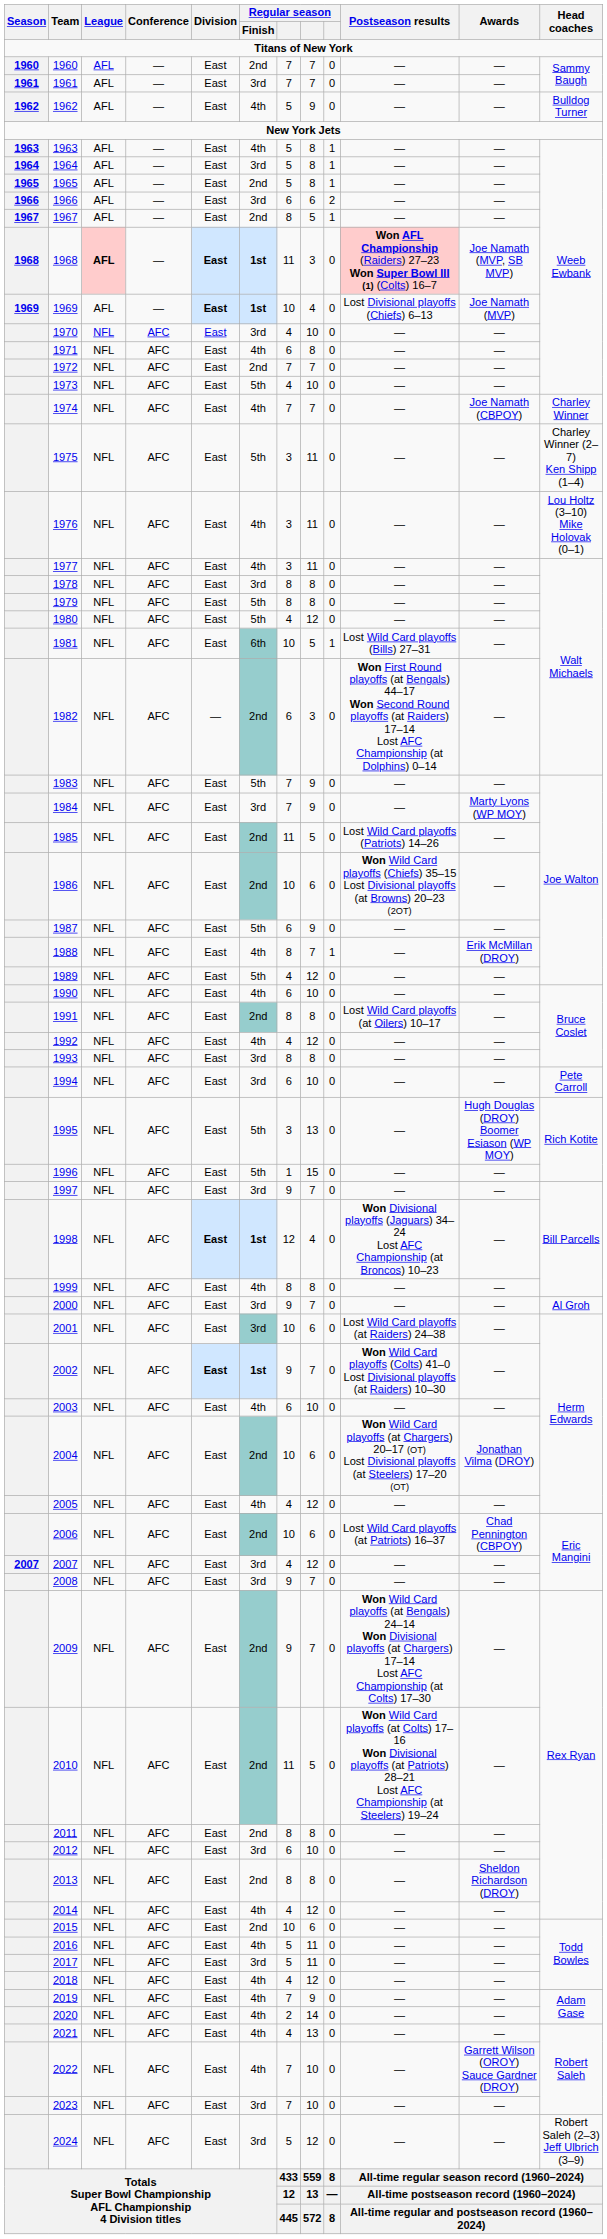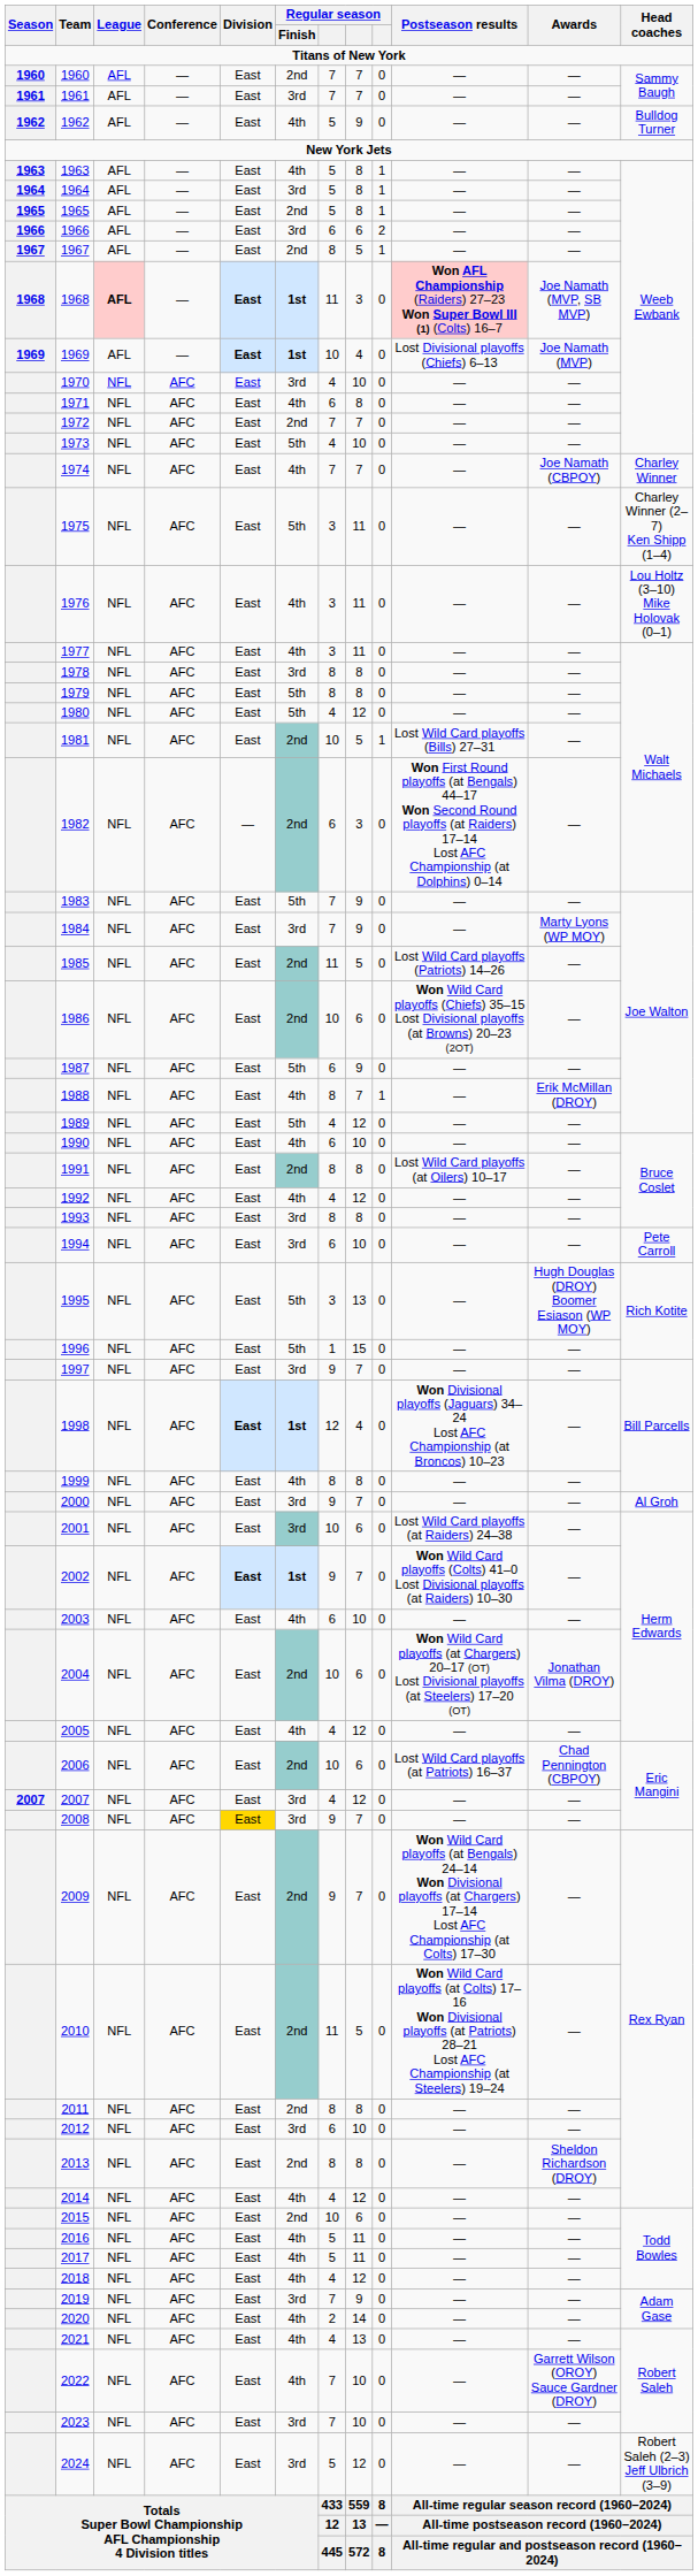 <table class="wikitable sortable" style="text-align:center">
 <tr>
 <th rowspan="2"><a href='#'>Season</a></th>
 <th rowspan="2">Team</th>
 <th rowspan="2"><a href='#'>League</a></th>
 <th rowspan="2">Conference</th>
 <th rowspan="2">Division</th>
 <th colspan="4"><a href='#'>Regular season</a></th>
 <th rowspan="2" class="unsortable"><a href='#'>Postseason</a> results</th>
 <th rowspan="2" class="unsortable">Awards</th>
 <th rowspan="2" class="unsortable">Head coaches</th>
 </tr>
 <tr>
 <th>Finish</th>
 <th></th>
 <th></th>
 <th width=2.5%></th>
 </tr>
 <tr>
 <td colspan="12"><strong>Titans of New York</strong></td>
 </tr>
 <tr>
 <th><a href='#'>1960</a></th>
 <td><a href='#'>1960</a></td>
 <td><a href='#'>AFL</a></td>
 <td>—</td>
 <td>East</td>
 <td>2nd</td>
 <td>7</td>
 <td>7</td>
 <td>0</td>
 <td>—</td>
 <td>—</td>
 <td rowspan="2"><a href='#'>Sammy Baugh</a></td>
 </tr>
 <tr>
 <th><a href='#'>1961</a></th>
 <td><a href='#'>1961</a></td>
 <td>AFL</td>
 <td>—</td>
 <td>East</td>
 <td>3rd</td>
 <td>7</td>
 <td>7</td>
 <td>0</td>
 <td>—</td>
 <td>—</td>
 </tr>
 <tr>
 <th><a href='#'>1962</a></th>
 <td><a href='#'>1962</a></td>
 <td>AFL</td>
 <td>—</td>
 <td>East</td>
 <td>4th</td>
 <td>5</td>
 <td>9</td>
 <td>0</td>
 <td>—</td>
 <td>—</td>
 <td><a href='#'>Bulldog Turner</a></td>
 </tr>
 <tr>
 <td colspan="12"><strong>New York Jets</strong></td>
 </tr>
 <tr>
 <th><a href='#'>1963</a></th>
 <td><a href='#'>1963</a></td>
 <td>AFL</td>
 <td>—</td>
 <td>East</td>
 <td>4th</td>
 <td>5</td>
 <td>8</td>
 <td>1</td>
 <td>—</td>
 <td>—</td>
 <td rowspan="11"><a href='#'>Weeb Ewbank</a></td>
 </tr>
 <tr>
 <th><a href='#'>1964</a></th>
 <td><a href='#'>1964</a></td>
 <td>AFL</td>
 <td>—</td>
 <td>East</td>
 <td>3rd</td>
 <td>5</td>
 <td>8</td>
 <td>1</td>
 <td>—</td>
 <td>—</td>
 </tr>
 <tr>
 <th><a href='#'>1965</a></th>
 <td><a href='#'>1965</a></td>
 <td>AFL</td>
 <td>—</td>
 <td>East</td>
 <td>2nd</td>
 <td>5</td>
 <td>8</td>
 <td>1</td>
 <td>—</td>
 <td>—</td>
 </tr>
 <tr>
 <th><a href='#'>1966</a></th>
 <td><a href='#'>1966</a></td>
 <td>AFL</td>
 <td>—</td>
 <td>East</td>
 <td>3rd</td>
 <td>6</td>
 <td>6</td>
 <td>2</td>
 <td>—</td>
 <td>—</td>
 </tr>
 <tr>
 <th><a href='#'>1967</a></th>
 <td><a href='#'>1967</a></td>
 <td>AFL</td>
 <td>—</td>
 <td>East</td>
 <td>2nd</td>
 <td>8</td>
 <td>5</td>
 <td>1</td>
 <td>—</td>
 <td>—</td>
 </tr>
 <tr>
 <th><a href='#'>1968</a></th>
 <td><a href='#'>1968</a></td>
 <td style="background:#FFCCCC"><strong>AFL</strong></td>
 <td>—</td>
 <td style="background:#D0E7FF"><strong>East</strong></td>
 <td style="background:#D0E7FF"><strong>1st</strong></td>
 <td>11</td>
 <td>3</td>
 <td>0</td>
 <td style="background:#FFCCCC"><strong>Won <a href='#'>AFL Championship</a></strong> (<a href='#'>Raiders</a>) 27–23<br><strong>Won <a href='#'>Super Bowl III</a> <small>(1)</small></strong> (<a href='#'>Colts</a>) 16–7</td>
 <td><a href='#'>Joe Namath</a> (<a href='#'>MVP</a>, <a href='#'>SB MVP</a>)</td>
 </tr>
 <tr>
 <th><a href='#'>1969</a></th>
 <td><a href='#'>1969</a></td>
 <td>AFL</td>
 <td>—</td>
 <td style="background:#D0E7FF"><strong>East</strong></td>
 <td style="background:#D0E7FF"><strong>1st</strong></td>
 <td>10</td>
 <td>4</td>
 <td>0</td>
 <td>Lost <a href='#'>Divisional playoffs</a> (<a href='#'>Chiefs</a>) 6–13</td>
 <td><a href='#'>Joe Namath</a> (<a href='#'>MVP</a>)</td>
 </tr>
 <tr>
 <th></th>
 <td><a href='#'>1970</a></td>
 <td><a href='#'>NFL</a></td>
 <td><a href='#'>AFC</a></td>
 <td><a href='#'>East</a></td>
 <td>3rd</td>
 <td>4</td>
 <td>10</td>
 <td>0</td>
 <td>—</td>
 <td>—</td>
 </tr>
 <tr>
 <th></th>
 <td><a href='#'>1971</a></td>
 <td>NFL</td>
 <td>AFC</td>
 <td>East</td>
 <td>4th</td>
 <td>6</td>
 <td>8</td>
 <td>0</td>
 <td>—</td>
 <td>—</td>
 </tr>
 <tr>
 <th></th>
 <td><a href='#'>1972</a></td>
 <td>NFL</td>
 <td>AFC</td>
 <td>East</td>
 <td>2nd</td>
 <td>7</td>
 <td>7</td>
 <td>0</td>
 <td>—</td>
 <td>—</td>
 </tr>
 <tr>
 <th></th>
 <td><a href='#'>1973</a></td>
 <td>NFL</td>
 <td>AFC</td>
 <td>East</td>
 <td>5th</td>
 <td>4</td>
 <td>10</td>
 <td>0</td>
 <td>—</td>
 <td>—</td>
 </tr>
 <tr>
 <th></th>
 <td><a href='#'>1974</a></td>
 <td>NFL</td>
 <td>AFC</td>
 <td>East</td>
 <td>4th</td>
 <td>7</td>
 <td>7</td>
 <td>0</td>
 <td>—</td>
 <td><a href='#'>Joe Namath</a> (<a href='#'>CBPOY</a>)</td>
 <td><a href='#'>Charley Winner</a></td>
 </tr>
 <tr>
 <th></th>
 <td><a href='#'>1975</a></td>
 <td>NFL</td>
 <td>AFC</td>
 <td>East</td>
 <td>5th</td>
 <td>3</td>
 <td>11</td>
 <td>0</td>
 <td>—</td>
 <td>—</td>
 <td>Charley Winner (2–7)<br><a href='#'>Ken Shipp</a> (1–4)</td>
 </tr>
 <tr>
 <th></th>
 <td><a href='#'>1976</a></td>
 <td>NFL</td>
 <td>AFC</td>
 <td>East</td>
 <td>4th</td>
 <td>3</td>
 <td>11</td>
 <td>0</td>
 <td>—</td>
 <td>—</td>
 <td><a href='#'>Lou Holtz</a> (3–10)<br><a href='#'>Mike Holovak</a> (0–1)</td>
 </tr>
 <tr>
 <th></th>
 <td><a href='#'>1977</a></td>
 <td>NFL</td>
 <td>AFC</td>
 <td>East</td>
 <td>4th</td>
 <td>3</td>
 <td>11</td>
 <td>0</td>
 <td>—</td>
 <td>—</td>
 <td rowspan="6"><a href='#'>Walt Michaels</a></td>
 </tr>
 <tr>
 <th></th>
 <td><a href='#'>1978</a></td>
 <td>NFL</td>
 <td>AFC</td>
 <td>East</td>
 <td>3rd</td>
 <td>8</td>
 <td>8</td>
 <td>0</td>
 <td>—</td>
 <td>—</td>
 </tr>
 <tr>
 <th></th>
 <td><a href='#'>1979</a></td>
 <td>NFL</td>
 <td>AFC</td>
 <td>East</td>
 <td>5th</td>
 <td>8</td>
 <td>8</td>
 <td>0</td>
 <td>—</td>
 <td>—</td>
 </tr>
 <tr>
 <th></th>
 <td><a href='#'>1980</a></td>
 <td>NFL</td>
 <td>AFC</td>
 <td>East</td>
 <td>5th</td>
 <td>4</td>
 <td>12</td>
 <td>0</td>
 <td>—</td>
 <td>—</td>
 </tr>
 <tr>
 <th></th>
 <td><a href='#'>1981</a></td>
 <td>NFL</td>
 <td>AFC</td>
 <td>East</td>
-<td bgcolor="#96CDCD">6th</td>
+<td bgcolor="#96CDCD">2nd</td>
 <td>10</td>
 <td>5</td>
 <td>1</td>
 <td>Lost <a href='#'>Wild Card playoffs</a> (<a href='#'>Bills</a>) 27–31</td>
 <td>—</td>
 </tr>
 <tr>
 <th></th>
 <td><a href='#'>1982</a></td>
 <td>NFL</td>
 <td>AFC</td>
 <td>—</td>
 <td bgcolor="#96CDCD">2nd</td>
 <td>6</td>
 <td>3</td>
 <td>0</td>
 <td><strong>Won</strong> <a href='#'>First Round playoffs</a> (at <a href='#'>Bengals</a>) 44–17<br><strong>Won</strong> <a href='#'>Second Round playoffs</a> (at <a href='#'>Raiders</a>) 17–14<br>Lost <a href='#'>AFC Championship</a> (at <a href='#'>Dolphins</a>) 0–14</td>
 <td>—</td>
 </tr>
 <tr>
 <th></th>
 <td><a href='#'>1983</a></td>
 <td>NFL</td>
 <td>AFC</td>
 <td>East</td>
 <td>5th</td>
 <td>7</td>
 <td>9</td>
 <td>0</td>
 <td>—</td>
 <td>—</td>
 <td rowspan="7"><a href='#'>Joe Walton</a></td>
 </tr>
 <tr>
 <th></th>
 <td><a href='#'>1984</a></td>
 <td>NFL</td>
 <td>AFC</td>
 <td>East</td>
 <td>3rd</td>
 <td>7</td>
 <td>9</td>
 <td>0</td>
 <td>—</td>
 <td><a href='#'>Marty Lyons</a> (<a href='#'>WP MOY</a>)</td>
 </tr>
 <tr>
 <th></th>
 <td><a href='#'>1985</a></td>
 <td>NFL</td>
 <td>AFC</td>
 <td>East</td>
 <td bgcolor="#96CDCD">2nd</td>
 <td>11</td>
 <td>5</td>
 <td>0</td>
 <td>Lost <a href='#'>Wild Card playoffs</a> (<a href='#'>Patriots</a>) 14–26</td>
 <td>—</td>
 </tr>
 <tr>
 <th></th>
 <td><a href='#'>1986</a></td>
 <td>NFL</td>
 <td>AFC</td>
 <td>East</td>
 <td bgcolor="#96CDCD">2nd</td>
 <td>10</td>
 <td>6</td>
 <td>0</td>
 <td><strong>Won</strong> <a href='#'>Wild Card playoffs</a> (<a href='#'>Chiefs</a>) 35–15<br>Lost <a href='#'>Divisional playoffs</a> (at <a href='#'>Browns</a>) 20–23 <small>(2OT)</small></td>
 <td>—</td>
 </tr>
 <tr>
 <th></th>
 <td><a href='#'>1987</a></td>
 <td>NFL</td>
 <td>AFC</td>
 <td>East</td>
 <td>5th</td>
 <td>6</td>
 <td>9</td>
 <td>0</td>
 <td>—</td>
 <td>—</td>
 </tr>
 <tr>
 <th></th>
 <td><a href='#'>1988</a></td>
 <td>NFL</td>
 <td>AFC</td>
 <td>East</td>
 <td>4th</td>
 <td>8</td>
 <td>7</td>
 <td>1</td>
 <td>—</td>
 <td><a href='#'>Erik McMillan</a> (<a href='#'>DROY</a>)</td>
 </tr>
 <tr>
 <th></th>
 <td><a href='#'>1989</a></td>
 <td>NFL</td>
 <td>AFC</td>
 <td>East</td>
 <td>5th</td>
 <td>4</td>
 <td>12</td>
 <td>0</td>
 <td>—</td>
 <td>—</td>
 </tr>
 <tr>
 <th></th>
 <td><a href='#'>1990</a></td>
 <td>NFL</td>
 <td>AFC</td>
 <td>East</td>
 <td>4th</td>
 <td>6</td>
 <td>10</td>
 <td>0</td>
 <td>—</td>
 <td>—</td>
 <td rowspan="4"><a href='#'>Bruce Coslet</a></td>
 </tr>
 <tr>
 <th></th>
 <td><a href='#'>1991</a></td>
 <td>NFL</td>
 <td>AFC</td>
 <td>East</td>
 <td bgcolor="#96CDCD">2nd</td>
 <td>8</td>
 <td>8</td>
 <td>0</td>
 <td>Lost <a href='#'>Wild Card playoffs</a> (at <a href='#'>Oilers</a>) 10–17</td>
 <td>—</td>
 </tr>
 <tr>
 <th></th>
 <td><a href='#'>1992</a></td>
 <td>NFL</td>
 <td>AFC</td>
 <td>East</td>
 <td>4th</td>
 <td>4</td>
 <td>12</td>
 <td>0</td>
 <td>—</td>
 <td>—</td>
 </tr>
 <tr>
 <th></th>
 <td><a href='#'>1993</a></td>
 <td>NFL</td>
 <td>AFC</td>
 <td>East</td>
 <td>3rd</td>
 <td>8</td>
 <td>8</td>
 <td>0</td>
 <td>—</td>
 <td>—</td>
 </tr>
 <tr>
 <th></th>
 <td><a href='#'>1994</a></td>
 <td>NFL</td>
 <td>AFC</td>
 <td>East</td>
 <td>3rd</td>
 <td>6</td>
 <td>10</td>
 <td>0</td>
 <td>—</td>
 <td>—</td>
 <td><a href='#'>Pete Carroll</a></td>
 </tr>
 <tr>
 <th></th>
 <td><a href='#'>1995</a></td>
 <td>NFL</td>
 <td>AFC</td>
 <td>East</td>
 <td>5th</td>
 <td>3</td>
 <td>13</td>
 <td>0</td>
 <td>—</td>
 <td><a href='#'>Hugh Douglas</a> (<a href='#'>DROY</a>)<br><a href='#'>Boomer Esiason</a> (<a href='#'>WP MOY</a>)</td>
 <td rowspan="2"><a href='#'>Rich Kotite</a></td>
 </tr>
 <tr>
 <th></th>
 <td><a href='#'>1996</a></td>
 <td>NFL</td>
 <td>AFC</td>
 <td>East</td>
 <td>5th</td>
 <td>1</td>
 <td>15</td>
 <td>0</td>
 <td>—</td>
 <td>—</td>
 </tr>
 <tr>
 <th></th>
 <td><a href='#'>1997</a></td>
 <td>NFL</td>
 <td>AFC</td>
 <td>East</td>
 <td>3rd</td>
 <td>9</td>
 <td>7</td>
 <td>0</td>
 <td>—</td>
 <td>—</td>
 <td rowspan="3"><a href='#'>Bill Parcells</a></td>
 </tr>
 <tr>
 <th></th>
 <td><a href='#'>1998</a></td>
 <td>NFL</td>
 <td>AFC</td>
 <td style="background:#D0E7FF"><strong>East</strong></td>
 <td style="background:#D0E7FF"><strong>1st</strong></td>
 <td>12</td>
 <td>4</td>
 <td>0</td>
 <td><strong>Won</strong> <a href='#'>Divisional playoffs</a> (<a href='#'>Jaguars</a>) 34–24<br>Lost <a href='#'>AFC Championship</a> (at <a href='#'>Broncos</a>) 10–23</td>
 <td>—</td>
 </tr>
 <tr>
 <th></th>
 <td><a href='#'>1999</a></td>
 <td>NFL</td>
 <td>AFC</td>
 <td>East</td>
 <td>4th</td>
 <td>8</td>
 <td>8</td>
 <td>0</td>
 <td>—</td>
 <td>—</td>
 </tr>
 <tr>
 <th></th>
 <td><a href='#'>2000</a></td>
 <td>NFL</td>
 <td>AFC</td>
 <td>East</td>
 <td>3rd</td>
 <td>9</td>
 <td>7</td>
 <td>0</td>
 <td>—</td>
 <td>—</td>
 <td><a href='#'>Al Groh</a></td>
 </tr>
 <tr>
 <th></th>
 <td><a href='#'>2001</a></td>
 <td>NFL</td>
 <td>AFC</td>
 <td>East</td>
 <td bgcolor="#96CDCD">3rd</td>
 <td>10</td>
 <td>6</td>
 <td>0</td>
 <td>Lost <a href='#'>Wild Card playoffs</a> (at <a href='#'>Raiders</a>) 24–38</td>
 <td>—</td>
 <td rowspan="5"><a href='#'>Herm Edwards</a></td>
 </tr>
 <tr>
 <th></th>
 <td><a href='#'>2002</a></td>
 <td>NFL</td>
 <td>AFC</td>
 <td style="background:#D0E7FF"><strong>East</strong></td>
 <td style="background:#D0E7FF"><strong>1st</strong></td>
 <td>9</td>
 <td>7</td>
 <td>0</td>
 <td><strong>Won</strong> <a href='#'>Wild Card playoffs</a> (<a href='#'>Colts</a>) 41–0<br>Lost <a href='#'>Divisional playoffs</a> (at <a href='#'>Raiders</a>) 10–30</td>
 <td>—</td>
 </tr>
 <tr>
 <th></th>
 <td><a href='#'>2003</a></td>
 <td>NFL</td>
 <td>AFC</td>
 <td>East</td>
 <td>4th</td>
 <td>6</td>
 <td>10</td>
 <td>0</td>
 <td>—</td>
 <td>—</td>
 </tr>
 <tr>
 <th></th>
 <td><a href='#'>2004</a></td>
 <td>NFL</td>
 <td>AFC</td>
 <td>East</td>
 <td bgcolor="#96CDCD">2nd</td>
 <td>10</td>
 <td>6</td>
 <td>0</td>
 <td><strong>Won</strong> <a href='#'>Wild Card playoffs</a> (at <a href='#'>Chargers</a>) 20–17 <small>(OT)</small><br>Lost <a href='#'>Divisional playoffs</a> (at <a href='#'>Steelers</a>) 17–20 <small>(OT)</small></td>
 <td><a href='#'>Jonathan Vilma</a> (<a href='#'>DROY</a>)</td>
 </tr>
 <tr>
 <th></th>
 <td><a href='#'>2005</a></td>
 <td>NFL</td>
 <td>AFC</td>
 <td>East</td>
 <td>4th</td>
 <td>4</td>
 <td>12</td>
 <td>0</td>
 <td>—</td>
 <td>—</td>
 </tr>
 <tr>
 <th></th>
 <td><a href='#'>2006</a></td>
 <td>NFL</td>
 <td>AFC</td>
 <td>East</td>
 <td bgcolor="#96CDCD">2nd</td>
 <td>10</td>
 <td>6</td>
 <td>0</td>
 <td>Lost <a href='#'>Wild Card playoffs</a> (at <a href='#'>Patriots</a>) 16–37</td>
 <td><a href='#'>Chad Pennington</a> (<a href='#'>CBPOY</a>)</td>
 <td rowspan="3"><a href='#'>Eric Mangini</a></td>
 </tr>
 <tr>
 <th><a href='#'>2007</a></th>
 <td><a href='#'>2007</a></td>
 <td>NFL</td>
 <td>AFC</td>
 <td>East</td>
 <td>3rd</td>
 <td>4</td>
 <td>12</td>
 <td>0</td>
 <td>—</td>
 <td>—</td>
 </tr>
 <tr>
 <th></th>
 <td><a href='#'>2008</a></td>
 <td>NFL</td>
 <td>AFC</td>
-<td>East</td>
+<td style="background: gold;">East</td>
 <td>3rd</td>
 <td>9</td>
 <td>7</td>
 <td>0</td>
 <td>—</td>
 <td>—</td>
 </tr>
 <tr>
 <th></th>
 <td><a href='#'>2009</a></td>
 <td>NFL</td>
 <td>AFC</td>
 <td>East</td>
 <td bgcolor="#96CDCD">2nd</td>
 <td>9</td>
 <td>7</td>
 <td>0</td>
 <td><strong>Won</strong> <a href='#'>Wild Card playoffs</a> (at <a href='#'>Bengals</a>) 24–14<br><strong>Won</strong> <a href='#'>Divisional playoffs</a> (at <a href='#'>Chargers</a>) 17–14<br> Lost <a href='#'>AFC Championship</a> (at <a href='#'>Colts</a>) 17–30</td>
 <td>—</td>
 <td rowspan="6"><a href='#'>Rex Ryan</a></td>
 </tr>
 <tr>
 <th></th>
 <td><a href='#'>2010</a></td>
 <td>NFL</td>
 <td>AFC</td>
 <td>East</td>
 <td bgcolor="#96CDCD">2nd</td>
 <td>11</td>
 <td>5</td>
 <td>0</td>
 <td><strong>Won</strong> <a href='#'>Wild Card playoffs</a> (at <a href='#'>Colts</a>) 17–16<br><strong>Won</strong> <a href='#'>Divisional playoffs</a> (at <a href='#'>Patriots</a>) 28–21<br>Lost <a href='#'>AFC Championship</a> (at <a href='#'>Steelers</a>) 19–24</td>
 <td>—</td>
 </tr>
 <tr>
 <th></th>
 <td><a href='#'>2011</a></td>
 <td>NFL</td>
 <td>AFC</td>
 <td>East</td>
 <td>2nd</td>
 <td>8</td>
 <td>8</td>
 <td>0</td>
 <td>—</td>
 <td>—</td>
 </tr>
 <tr>
 <th></th>
 <td><a href='#'>2012</a></td>
 <td>NFL</td>
 <td>AFC</td>
 <td>East</td>
 <td>3rd</td>
 <td>6</td>
 <td>10</td>
 <td>0</td>
 <td>—</td>
 <td>—</td>
 </tr>
 <tr>
 <th></th>
 <td><a href='#'>2013</a></td>
 <td>NFL</td>
 <td>AFC</td>
 <td>East</td>
 <td>2nd</td>
 <td>8</td>
 <td>8</td>
 <td>0</td>
 <td>—</td>
 <td><a href='#'>Sheldon Richardson</a> (<a href='#'>DROY</a>)</td>
 </tr>
 <tr>
 <th></th>
 <td><a href='#'>2014</a></td>
 <td>NFL</td>
 <td>AFC</td>
 <td>East</td>
 <td>4th</td>
 <td>4</td>
 <td>12</td>
 <td>0</td>
 <td>—</td>
 <td>—</td>
 </tr>
 <tr>
 <th></th>
 <td><a href='#'>2015</a></td>
 <td>NFL</td>
 <td>AFC</td>
 <td>East</td>
 <td>2nd</td>
 <td>10</td>
 <td>6</td>
 <td>0</td>
 <td>—</td>
 <td>—</td>
 <td rowspan="4"><a href='#'>Todd Bowles</a></td>
 </tr>
 <tr>
 <th></th>
 <td><a href='#'>2016</a></td>
 <td>NFL</td>
 <td>AFC</td>
 <td>East</td>
 <td>4th</td>
 <td>5</td>
 <td>11</td>
 <td>0</td>
 <td>—</td>
 <td>—</td>
 </tr>
 <tr>
 <th></th>
 <td><a href='#'>2017</a></td>
 <td>NFL</td>
 <td>AFC</td>
 <td>East</td>
-<td>3rd</td>
+<td>4th</td>
 <td>5</td>
 <td>11</td>
 <td>0</td>
 <td>—</td>
 <td>—</td>
 </tr>
 <tr>
 <th></th>
 <td><a href='#'>2018</a></td>
 <td>NFL</td>
 <td>AFC</td>
 <td>East</td>
 <td>4th</td>
 <td>4</td>
 <td>12</td>
 <td>0</td>
 <td>—</td>
 <td>—</td>
 </tr>
 <tr>
 <th></th>
 <td><a href='#'>2019</a></td>
 <td>NFL</td>
 <td>AFC</td>
 <td>East</td>
-<td>4th</td>
+<td>3rd</td>
 <td>7</td>
 <td>9</td>
 <td>0</td>
 <td>—</td>
 <td>—</td>
 <td rowspan="2"><a href='#'>Adam Gase</a></td>
 </tr>
 <tr>
 <th></th>
 <td><a href='#'>2020</a></td>
 <td>NFL</td>
 <td>AFC</td>
 <td>East</td>
 <td>4th</td>
 <td>2</td>
 <td>14</td>
 <td>0</td>
 <td>—</td>
 <td>—</td>
 </tr>
 <tr>
 <th></th>
 <td><a href='#'>2021</a></td>
 <td>NFL</td>
 <td>AFC</td>
 <td>East</td>
 <td>4th</td>
 <td>4</td>
 <td>13</td>
 <td>0</td>
 <td>—</td>
 <td>—</td>
 <td rowspan="3"><a href='#'>Robert Saleh</a></td>
 </tr>
 <tr>
 <th></th>
 <td><a href='#'>2022</a></td>
 <td>NFL</td>
 <td>AFC</td>
 <td>East</td>
 <td>4th</td>
 <td>7</td>
 <td>10</td>
 <td>0</td>
 <td>—</td>
 <td><a href='#'>Garrett Wilson</a> (<a href='#'>OROY</a>)<br><a href='#'>Sauce Gardner</a> (<a href='#'>DROY</a>)</td>
 </tr>
 <tr>
 <th></th>
 <td><a href='#'>2023</a></td>
 <td>NFL</td>
 <td>AFC</td>
 <td>East</td>
 <td>3rd</td>
 <td>7</td>
 <td>10</td>
 <td>0</td>
 <td>—</td>
 <td>—</td>
 </tr>
 <tr>
 <th></th>
 <td><a href='#'>2024</a></td>
 <td>NFL</td>
 <td>AFC</td>
 <td>East</td>
 <td>3rd</td>
 <td>5</td>
 <td>12</td>
 <td>0</td>
 <td>—</td>
 <td>—</td>
 <td>Robert Saleh (2–3)<br> <a href='#'>Jeff Ulbrich</a> (3–9)</td>
 </tr>
 <tr>
 <th rowspan="3" colspan="6">Totals <br>Super Bowl Championship <br> AFL Championship <br> 4 Division titles</th>
 <th>433</th>
 <th>559</th>
 <th>8</th>
 <th colspan="3">All-time regular season record (1960–2024)</th>
 </tr>
 <tr>
 <th>12</th>
 <th>13</th>
 <th>—</th>
 <th colspan="3">All-time postseason record (1960–2024)</th>
 </tr>
 <tr>
 <th>445</th>
 <th>572</th>
 <th>8</th>
 <th colspan="3">All-time regular and postseason record (1960–2024)</th>
 </tr>
 </table>
